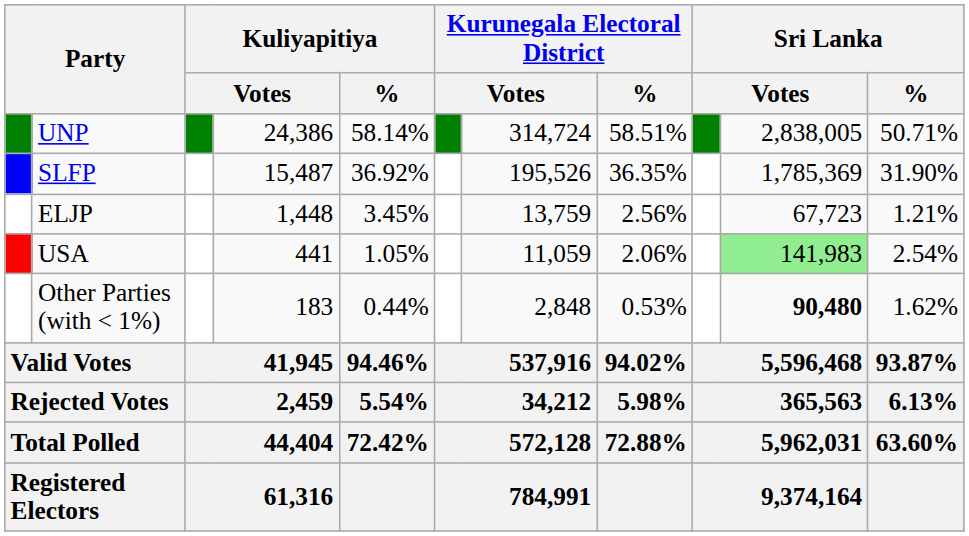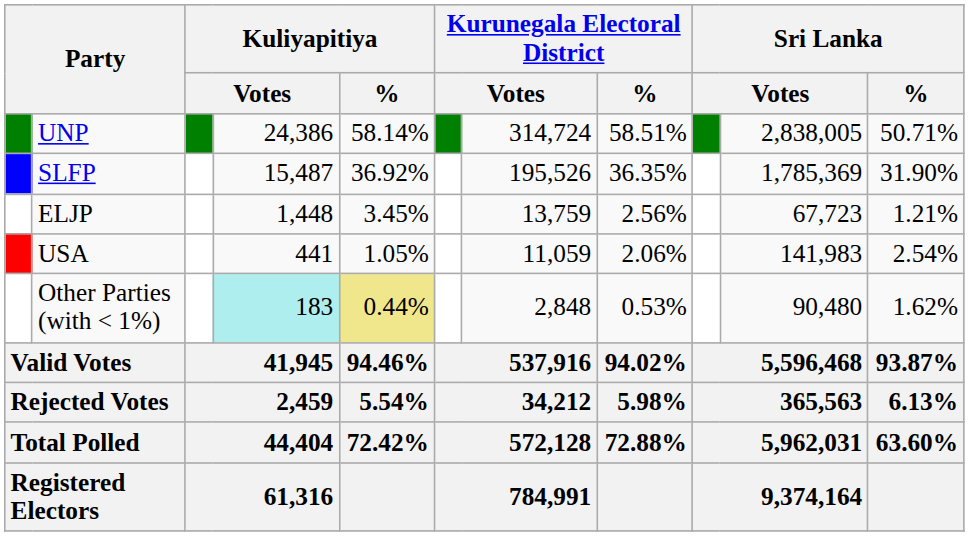 <table class="wikitable">
 <tr>
 <th colspan="2" width="144px"rowspan="2">Party</th>
 <th colspan="3" width="216px">Kuliyapitiya</th>
 <th colspan="3" width="216px"><a href='#'>Kurunegala Electoral District</a></th>
 <th colspan="3" width="216px">Sri Lanka</th>
 </tr>
 <tr>
 <th colspan="2" width="144px">Votes</th>
 <th>%</th>
 <th colspan="2" width="144px">Votes</th>
 <th>%</th>
 <th colspan="2" width="144px">Votes</th>
 <th>%</th>
 </tr>
 <tr>
 <td style="background-color:green;" width="10px"></td>
 <td style="text-align:left;"><a href='#'>UNP</a></td>
 <td style="background-color:green;" width="10px"></td>
 <td style="text-align:right;">24,386</td>
 <td style="text-align:right;">58.14%</td>
 <td style="background-color:green;" width="10px"></td>
 <td style="text-align:right;">314,724</td>
 <td style="text-align:right;">58.51%</td>
 <td style="background-color:green;" width="10px"></td>
 <td style="text-align:right;">2,838,005</td>
 <td style="text-align:right;">50.71%</td>
 </tr>
 <tr>
 <td style="background-color:blue;" width="10px"></td>
 <td style="text-align:left;"><a href='#'>SLFP</a></td>
 <td style="background-color:white;" width="10px"></td>
 <td style="text-align:right;">15,487</td>
 <td style="text-align:right;">36.92%</td>
 <td style="background-color:white;" width="10px"></td>
 <td style="text-align:right;">195,526</td>
 <td style="text-align:right;">36.35%</td>
 <td style="background-color:white;" width="10px"></td>
 <td style="text-align:right;">1,785,369</td>
 <td style="text-align:right;">31.90%</td>
 </tr>
 <tr>
 <td style="background-color:white;" width="10px"></td>
 <td style="text-align:left;">ELJP</td>
 <td style="background-color:white;" width="10px"></td>
 <td style="text-align:right;">1,448</td>
 <td style="text-align:right;">3.45%</td>
 <td style="background-color:white;" width="10px"></td>
 <td style="text-align:right;">13,759</td>
 <td style="text-align:right;">2.56%</td>
 <td style="background-color:white;" width="10px"></td>
 <td style="text-align:right;">67,723</td>
 <td style="text-align:right;">1.21%</td>
 </tr>
 <tr>
 <td style="background-color:red;" width="10px"></td>
 <td style="text-align:left;">USA</td>
 <td style="background-color:white;" width="10px"></td>
 <td style="text-align:right;">441</td>
 <td style="text-align:right;">1.05%</td>
 <td style="background-color:white;" width="10px"></td>
 <td style="text-align:right;">11,059</td>
 <td style="text-align:right;">2.06%</td>
 <td style="background-color:white;" width="10px"></td>
-<td style="background: lightgreen; text-align:right;">141,983</td>
+<td style="text-align:right;">141,983</td>
 <td style="text-align:right;">2.54%</td>
 </tr>
 <tr>
 <td style="background-color:white;" width="10px"></td>
 <td style="text-align:left;">Other Parties (with < 1%)</td>
 <td style="background-color:white;" width="10px"></td>
-<td style="text-align:right;">183</td>
-<td style="text-align:right;">0.44%</td>
+<td style="background: paleturquoise; text-align:right;">183</td>
+<td style="background: khaki; text-align:right;">0.44%</td>
 <td style="background-color:white;" width="10px"></td>
 <td style="text-align:right;">2,848</td>
 <td style="text-align:right;">0.53%</td>
 <td style="background-color:white;" width="10px"></td>
-<td style="text-align:right;"><strong>90,480</strong></td>
+<td style="text-align:right;">90,480</td>
 <td style="text-align:right;">1.62%</td>
 </tr>
 <tr>
 <th colspan="2" width="144px"style="text-align:left;">Valid Votes</th>
 <th style="text-align:right;"colspan="2" width="144px">41,945</th>
 <th style="text-align:right;">94.46%</th>
 <th style="text-align:right;"colspan="2" width="144px">537,916</th>
 <th style="text-align:right;">94.02%</th>
 <th style="text-align:right;"colspan="2" width="144px">5,596,468</th>
 <th style="text-align:right;">93.87%</th>
 </tr>
 <tr>
 <th colspan="2" width="144px"style="text-align:left;">Rejected Votes</th>
 <th style="text-align:right;"colspan="2" width="144px">2,459</th>
 <th style="text-align:right;">5.54%</th>
 <th style="text-align:right;"colspan="2" width="144px">34,212</th>
 <th style="text-align:right;">5.98%</th>
 <th style="text-align:right;"colspan="2" width="144px">365,563</th>
 <th style="text-align:right;">6.13%</th>
 </tr>
 <tr>
 <th colspan="2" width="144px"style="text-align:left;">Total Polled</th>
 <th style="text-align:right;"colspan="2" width="144px">44,404</th>
 <th style="text-align:right;">72.42%</th>
 <th style="text-align:right;"colspan="2" width="144px">572,128</th>
 <th style="text-align:right;">72.88%</th>
 <th style="text-align:right;"colspan="2" width="144px">5,962,031</th>
 <th style="text-align:right;">63.60%</th>
 </tr>
 <tr>
 <th colspan="2" width="144px"style="text-align:left;">Registered Electors</th>
 <th style="text-align:right;"colspan="2" width="144px">61,316</th>
 <th></th>
 <th style="text-align:right;"colspan="2" width="144px">784,991</th>
 <th></th>
 <th style="text-align:right;"colspan="2" width="144px">9,374,164</th>
 <th></th>
 </tr>
 </table>
